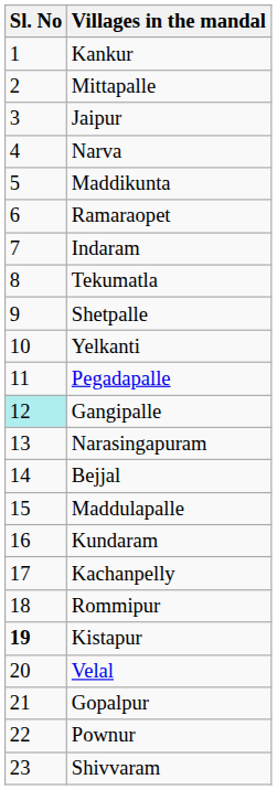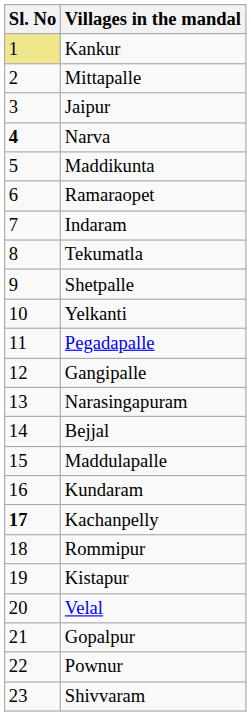 <table class="wikitable">
 <tr>
 <th>Sl. No</th>
 <th>Villages in the mandal</th>
 </tr>
 <tr>
-<td>1</td>
+<td style="background: khaki;">1</td>
 <td>Kankur</td>
 </tr>
 <tr>
 <td>2</td>
 <td>Mittapalle</td>
 </tr>
 <tr>
 <td>3</td>
 <td>Jaipur</td>
 </tr>
 <tr>
-<td>4</td>
+<td><strong>4</strong></td>
 <td>Narva</td>
 </tr>
 <tr>
 <td>5</td>
 <td>Maddikunta</td>
 </tr>
 <tr>
 <td>6</td>
 <td>Ramaraopet</td>
 </tr>
 <tr>
 <td>7</td>
 <td>Indaram</td>
 </tr>
 <tr>
 <td>8</td>
 <td>Tekumatla</td>
 </tr>
 <tr>
 <td>9</td>
 <td>Shetpalle</td>
 </tr>
 <tr>
 <td>10</td>
 <td>Yelkanti</td>
 </tr>
 <tr>
 <td>11</td>
 <td><a href='#'>Pegadapalle</a></td>
 </tr>
 <tr>
-<td style="background: paleturquoise;">12</td>
+<td>12</td>
 <td>Gangipalle</td>
 </tr>
 <tr>
 <td>13</td>
 <td>Narasingapuram</td>
 </tr>
 <tr>
 <td>14</td>
 <td>Bejjal</td>
 </tr>
 <tr>
 <td>15</td>
 <td>Maddulapalle</td>
 </tr>
 <tr>
 <td>16</td>
 <td>Kundaram</td>
 </tr>
 <tr>
-<td>17</td>
+<td><strong>17</strong></td>
 <td>Kachanpelly</td>
 </tr>
 <tr>
 <td>18</td>
 <td>Rommipur</td>
 </tr>
 <tr>
-<td><strong>19</strong></td>
+<td>19</td>
 <td>Kistapur</td>
 </tr>
 <tr>
 <td>20</td>
 <td><a href='#'>Velal</a></td>
 </tr>
 <tr>
 <td>21</td>
 <td>Gopalpur</td>
 </tr>
 <tr>
 <td>22</td>
 <td>Pownur</td>
 </tr>
 <tr>
 <td>23</td>
 <td>Shivvaram</td>
 </tr>
 </table>
